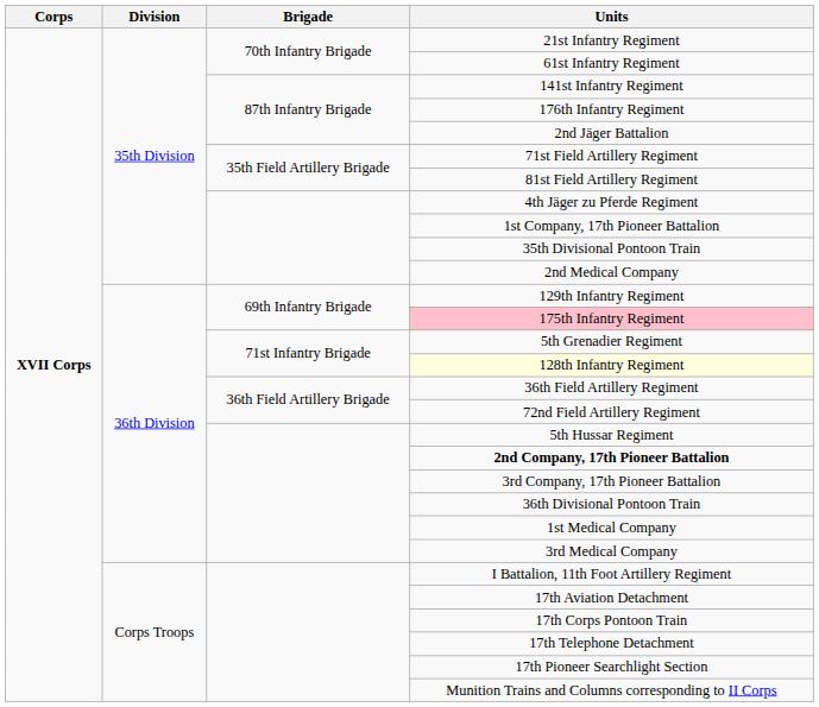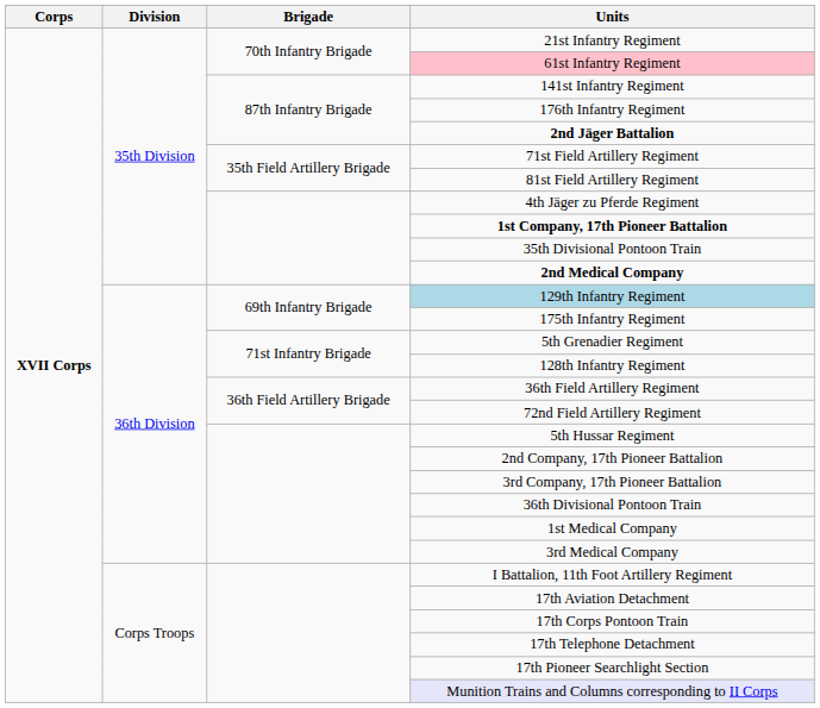 <table class="wikitable collapsible collapsed" style="text-align:center; width:100%;">
 <tr>
 <th>Corps</th>
 <th>Division</th>
 <th>Brigade</th>
 <th>Units</th>
 </tr>
 <tr>
 <td ROWSPAN=29><strong>XVII Corps</strong></td>
 <td ROWSPAN=11><a href='#'>35th Division</a></td>
 <td ROWSPAN=2>70th Infantry Brigade</td>
 <td>21st Infantry Regiment</td>
 </tr>
 <tr>
-<td>61st Infantry Regiment</td>
+<td style="background: pink;">61st Infantry Regiment</td>
 </tr>
 <tr>
 <td ROWSPAN=3>87th Infantry Brigade</td>
 <td>141st Infantry Regiment</td>
 </tr>
 <tr>
 <td>176th Infantry Regiment</td>
 </tr>
 <tr>
-<td>2nd Jäger Battalion</td>
+<td><strong>2nd Jäger Battalion</strong></td>
 </tr>
 <tr>
 <td ROWSPAN=2>35th Field Artillery Brigade</td>
 <td>71st Field Artillery Regiment</td>
 </tr>
 <tr>
 <td>81st Field Artillery Regiment</td>
 </tr>
 <tr>
 <td ROWSPAN=4></td>
 <td>4th Jäger zu Pferde Regiment</td>
 </tr>
 <tr>
-<td>1st Company, 17th Pioneer Battalion</td>
+<td><strong>1st Company, 17th Pioneer Battalion</strong></td>
 </tr>
 <tr>
 <td>35th Divisional Pontoon Train</td>
 </tr>
 <tr>
-<td>2nd Medical Company</td>
+<td><strong>2nd Medical Company</strong></td>
 </tr>
 <tr>
 <td ROWSPAN=12><a href='#'>36th Division</a></td>
 <td ROWSPAN=2>69th Infantry Brigade</td>
-<td>129th Infantry Regiment</td>
+<td style="background: lightblue;">129th Infantry Regiment</td>
 </tr>
 <tr>
-<td style="background: pink;">175th Infantry Regiment</td>
+<td>175th Infantry Regiment</td>
 </tr>
 <tr>
 <td ROWSPAN=2>71st Infantry Brigade</td>
 <td>5th Grenadier Regiment</td>
 </tr>
 <tr>
-<td style="background: lightyellow;">128th Infantry Regiment</td>
+<td>128th Infantry Regiment</td>
 </tr>
 <tr>
 <td ROWSPAN=2>36th Field Artillery Brigade</td>
 <td>36th Field Artillery Regiment</td>
 </tr>
 <tr>
 <td>72nd Field Artillery Regiment</td>
 </tr>
 <tr>
 <td ROWSPAN=6></td>
 <td>5th Hussar Regiment</td>
 </tr>
 <tr>
-<td><strong>2nd Company, 17th Pioneer Battalion</strong></td>
+<td>2nd Company, 17th Pioneer Battalion</td>
 </tr>
 <tr>
 <td>3rd Company, 17th Pioneer Battalion</td>
 </tr>
 <tr>
 <td>36th Divisional Pontoon Train</td>
 </tr>
 <tr>
 <td>1st Medical Company</td>
 </tr>
 <tr>
 <td>3rd Medical Company</td>
 </tr>
 <tr>
 <td ROWSPAN=6>Corps Troops</td>
 <td ROWSPAN=6></td>
 <td>I Battalion, 11th Foot Artillery Regiment</td>
 </tr>
 <tr>
 <td>17th Aviation Detachment</td>
 </tr>
 <tr>
 <td>17th Corps Pontoon Train</td>
 </tr>
 <tr>
 <td>17th Telephone Detachment</td>
 </tr>
 <tr>
 <td>17th Pioneer Searchlight Section</td>
 </tr>
 <tr>
-<td>Munition Trains and Columns corresponding to <a href='#'>II Corps</a></td>
+<td style="background: lavender;">Munition Trains and Columns corresponding to <a href='#'>II Corps</a></td>
 </tr>
 </table>
